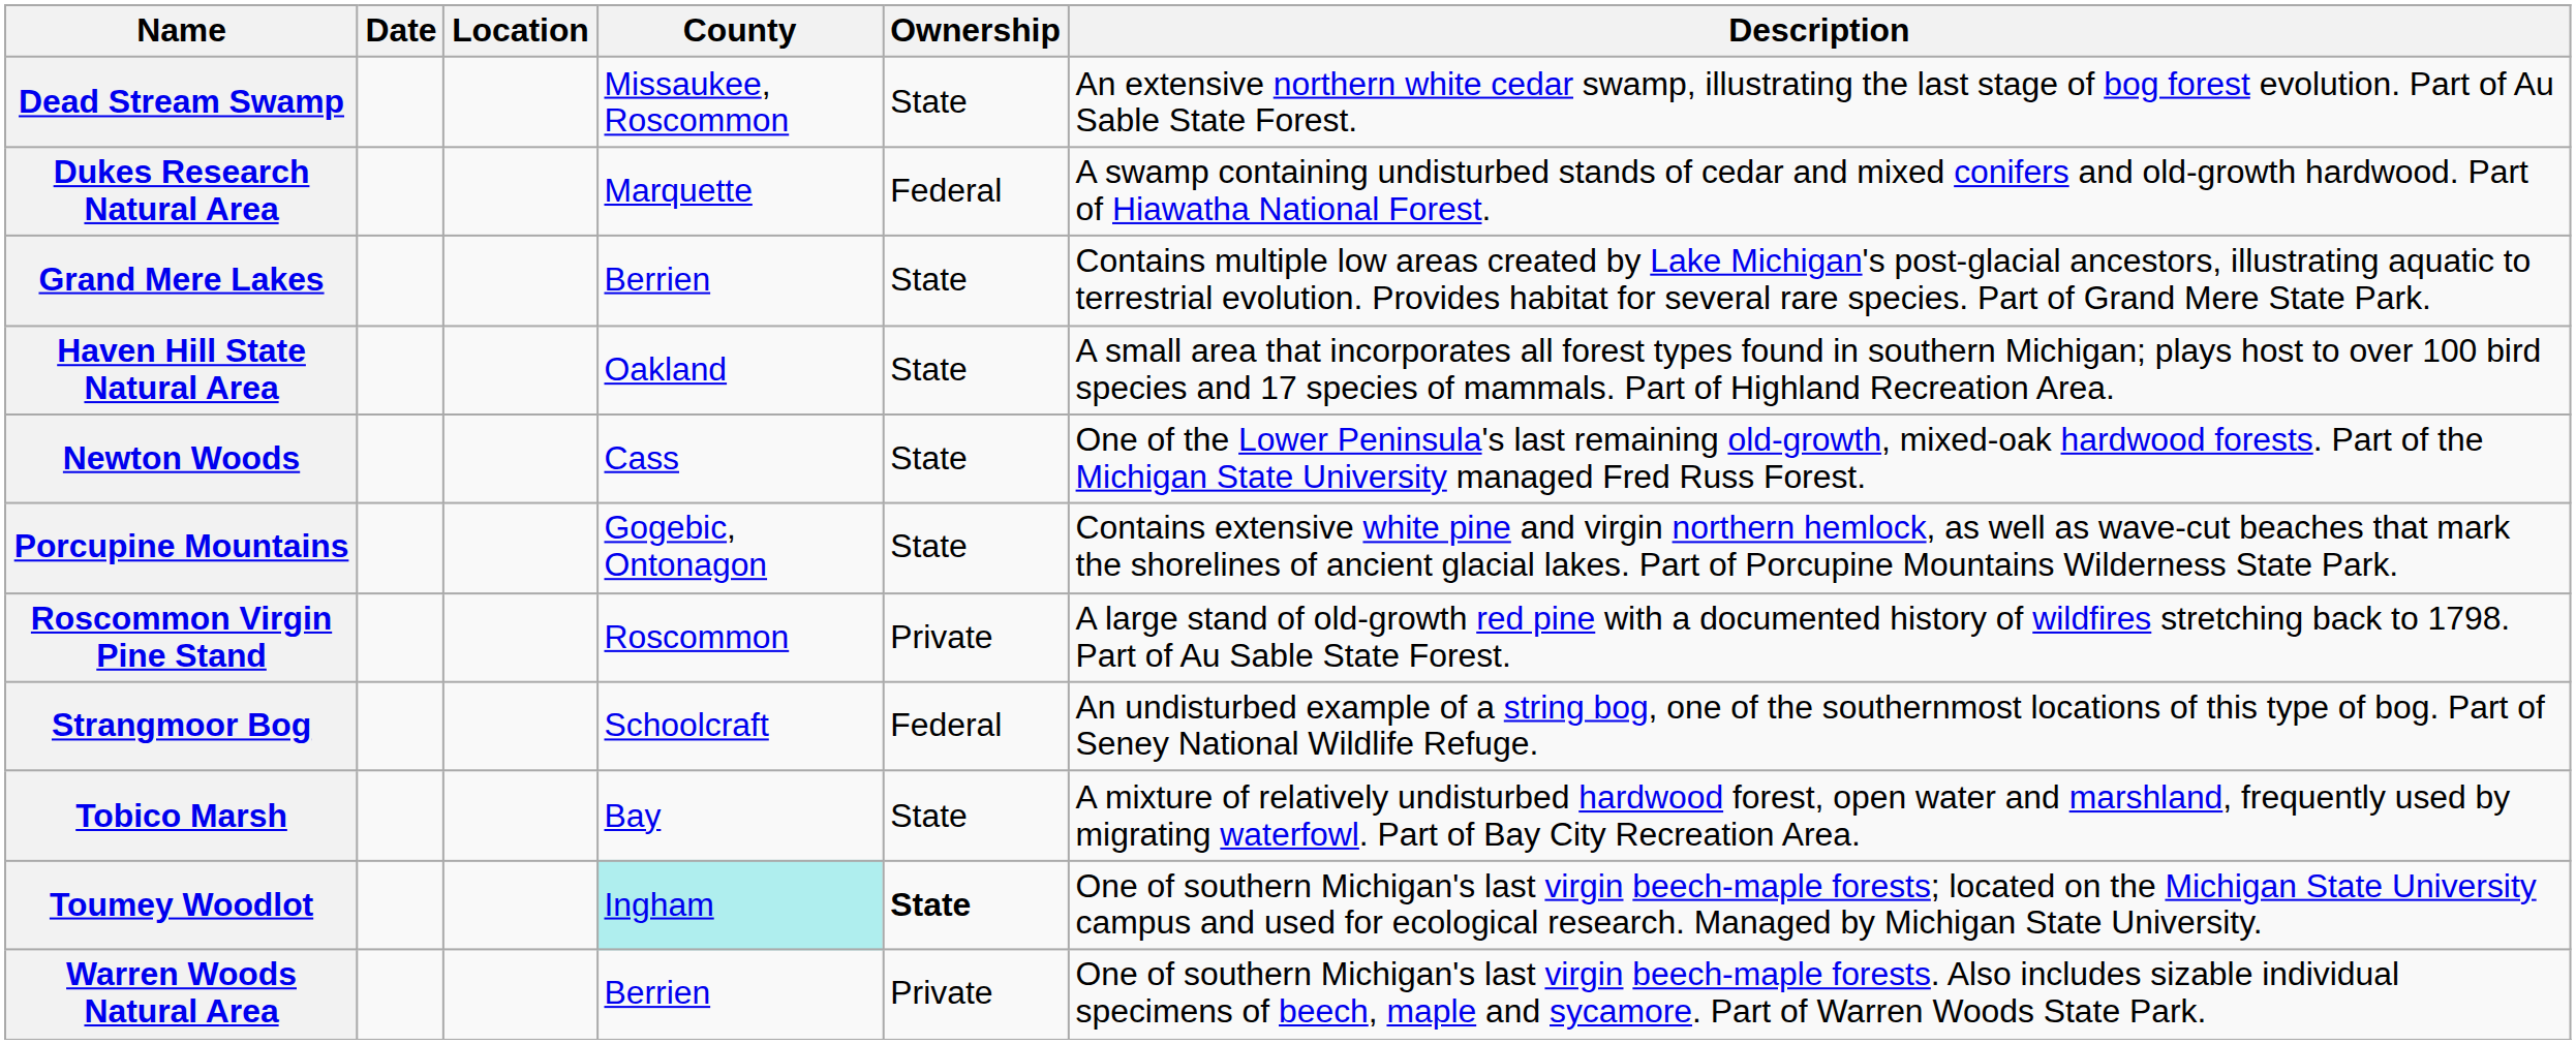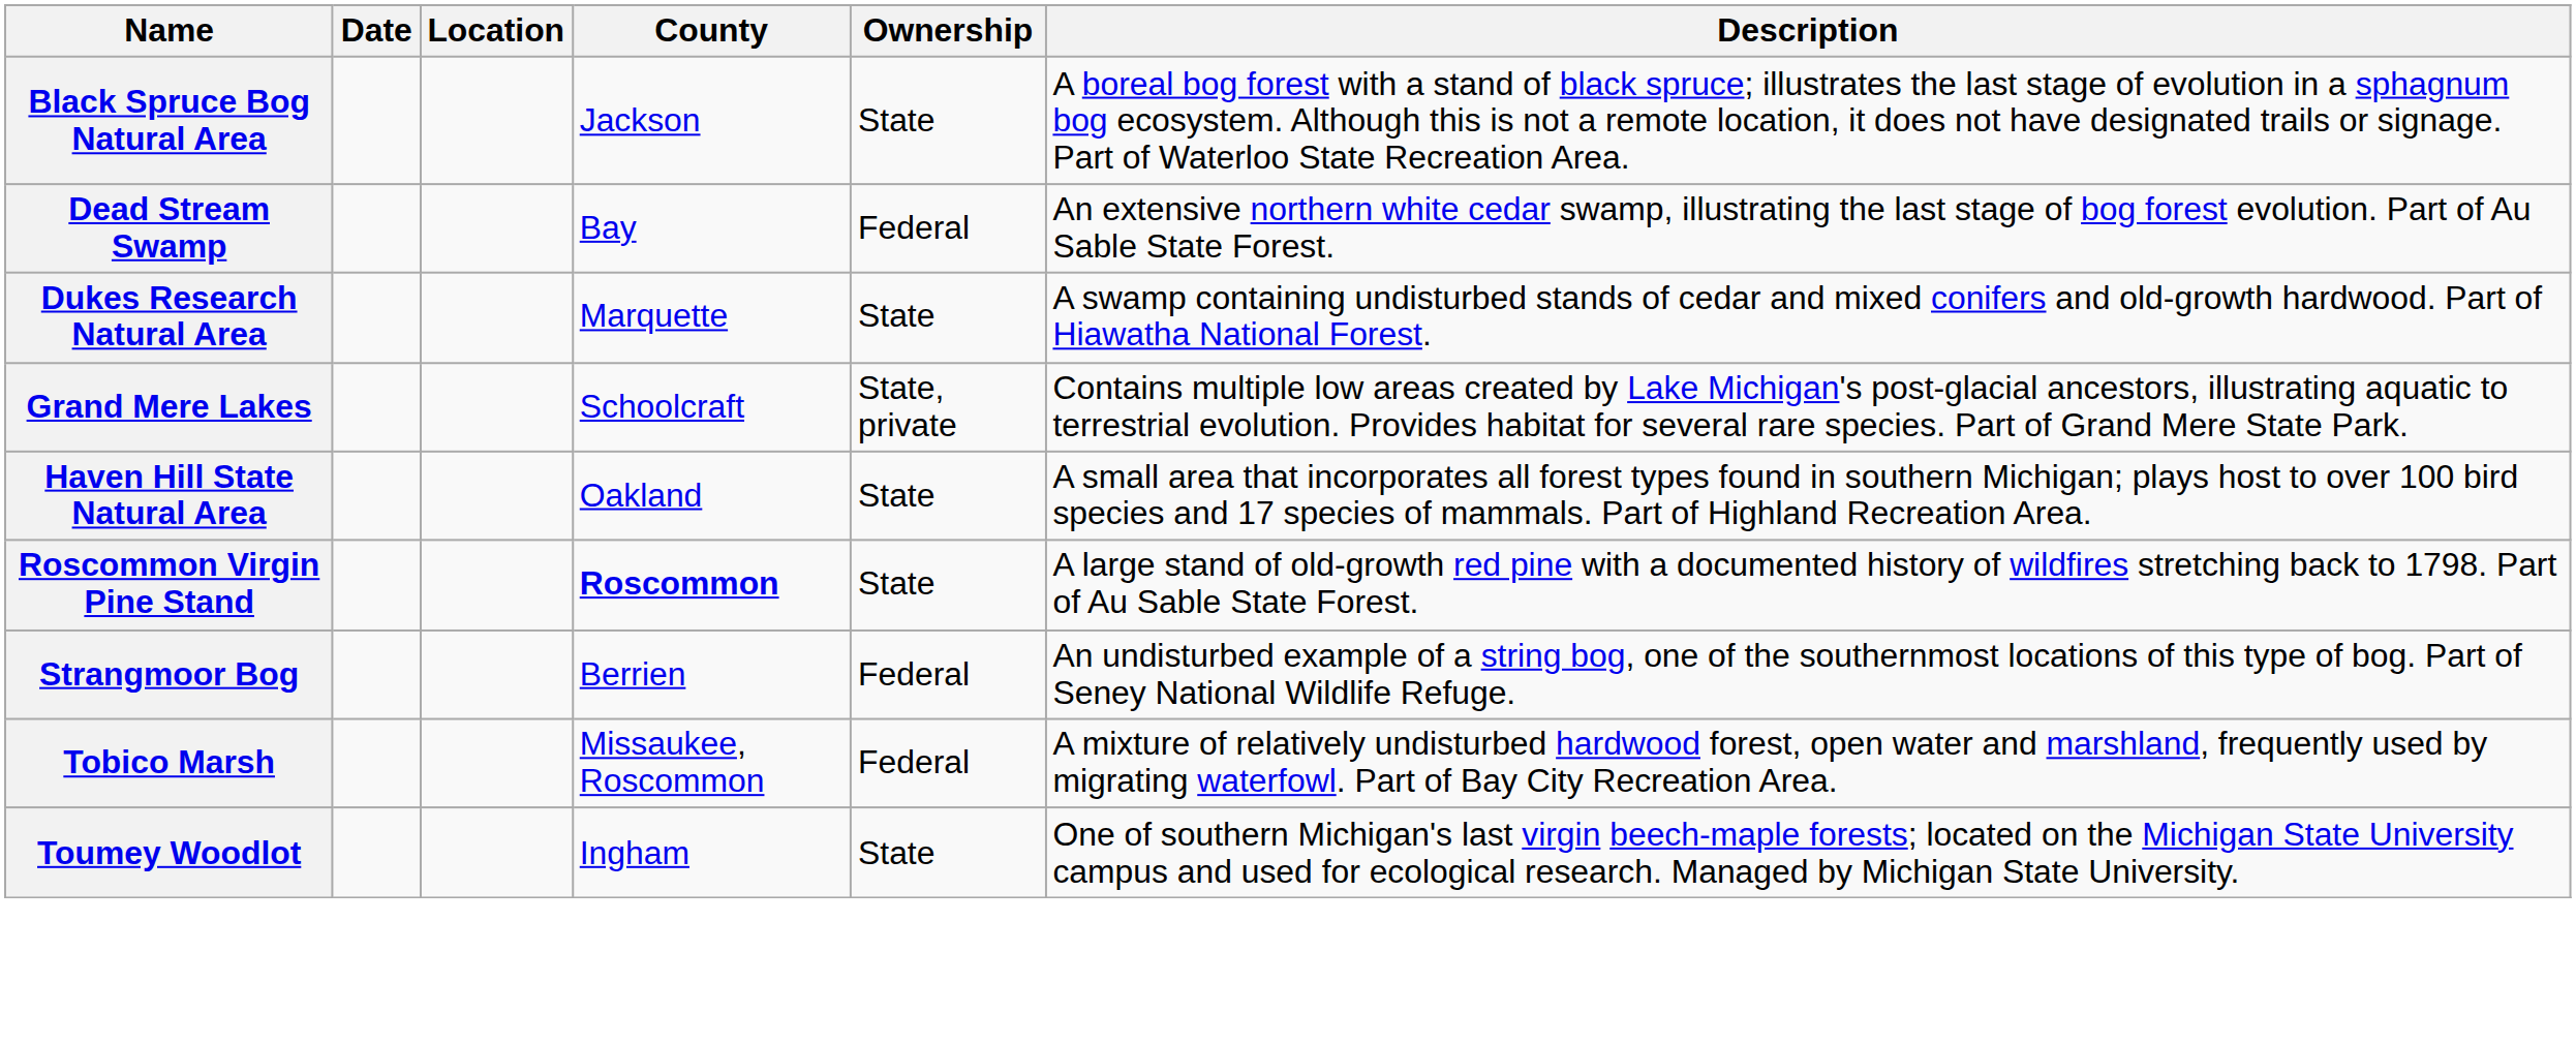 <table class="wikitable sortable plainrowheaders" align="center">
 <tr>
 <th scope="col" style="background-color:"><strong>Name</strong></th>
 <th scope="col" style="background-color:"><strong>Date</strong></th>
 <th scope="col" style="background-color:"><strong>Location</strong></th>
 <th scope="col" style="background-color:"><strong>County</strong></th>
 <th scope="col" style="background-color:"><strong>Ownership</strong></th>
 <th scope="col" style="background-color:"><strong>Description</strong></th>
 </tr>
 <tr>
+<th scope="row"><a href='#'>Black Spruce Bog Natural Area</a></th>
+<td></td>
+<td></td>
+<td><a href='#'>Jackson</a></td>
+<td>State</td>
+<td>A <a href='#'>boreal bog forest</a> with a stand of <a href='#'>black spruce</a>; illustrates the last stage of evolution in a <a href='#'>sphagnum bog</a> ecosystem.  Although this is not a remote location, it does not have designated trails or signage. Part of Waterloo State Recreation Area.</td>
+</tr>
+<tr>
 <th scope="row"><a href='#'>Dead Stream Swamp</a></th>
 <td></td>
 <td></td>
-<td><a href='#'>Missaukee</a>, <a href='#'>Roscommon</a></td>
-<td>State</td>
+<td><a href='#'>Bay</a></td>
+<td>Federal</td>
 <td>An extensive <a href='#'>northern white cedar</a> swamp, illustrating the last stage of <a href='#'>bog forest</a> evolution. Part of Au Sable State Forest.</td>
 </tr>
 <tr>
 <th scope="row"><a href='#'>Dukes Research Natural Area</a></th>
 <td></td>
 <td></td>
 <td><a href='#'>Marquette</a></td>
-<td>Federal</td>
+<td>State</td>
 <td>A swamp containing undisturbed stands of cedar and mixed <a href='#'>conifers</a> and old-growth hardwood. Part of <a href='#'>Hiawatha National Forest</a>.</td>
 </tr>
 <tr>
 <th scope="row"><a href='#'>Grand Mere Lakes</a></th>
 <td></td>
 <td></td>
-<td><a href='#'>Berrien</a></td>
-<td>State</td>
+<td><a href='#'>Schoolcraft</a></td>
+<td>State, private</td>
 <td>Contains multiple low areas created by <a href='#'>Lake Michigan</a>'s post-glacial ancestors, illustrating aquatic to terrestrial evolution. Provides habitat for several rare species. Part of Grand Mere State Park.</td>
 </tr>
 <tr>
 <th scope="row"><a href='#'>Haven Hill State Natural Area</a></th>
 <td></td>
 <td></td>
 <td><a href='#'>Oakland</a></td>
 <td>State</td>
 <td>A small area that incorporates all forest types found in southern Michigan; plays host to over 100 bird species and 17 species of mammals. Part of Highland Recreation Area.</td>
 </tr>
 <tr>
-<th scope="row"><a href='#'>Newton Woods</a></th>
-<td></td>
-<td></td>
-<td><a href='#'>Cass</a></td>
-<td>State</td>
-<td>One of the <a href='#'>Lower Peninsula</a>'s last remaining <a href='#'>old-growth</a>, mixed-oak <a href='#'>hardwood forests</a>. Part of the <a href='#'>Michigan State University</a> managed Fred Russ Forest.</td>
-</tr>
-<tr>
-<th scope="row"><a href='#'>Porcupine Mountains</a></th>
-<td></td>
-<td></td>
-<td><a href='#'>Gogebic</a>, <a href='#'>Ontonagon</a></td>
-<td>State</td>
-<td>Contains extensive <a href='#'>white pine</a> and virgin <a href='#'>northern hemlock</a>, as well as wave-cut beaches that mark the shorelines of ancient glacial lakes. Part of Porcupine Mountains Wilderness State Park.</td>
-</tr>
-<tr>
 <th scope="row"><a href='#'>Roscommon Virgin Pine Stand</a></th>
 <td></td>
 <td></td>
-<td><a href='#'>Roscommon</a></td>
-<td>Private</td>
+<td><strong><a href='#'>Roscommon</a></strong></td>
+<td>State</td>
 <td>A large stand of old-growth <a href='#'>red pine</a> with a documented history of <a href='#'>wildfires</a> stretching back to 1798. Part of Au Sable State Forest.</td>
 </tr>
 <tr>
 <th scope="row"><a href='#'>Strangmoor Bog</a></th>
 <td></td>
 <td></td>
-<td><a href='#'>Schoolcraft</a></td>
+<td><a href='#'>Berrien</a></td>
 <td>Federal</td>
 <td>An undisturbed example of a <a href='#'>string bog</a>, one of the southernmost locations of this type of bog. Part of Seney National Wildlife Refuge.</td>
 </tr>
 <tr>
 <th scope="row"><a href='#'>Tobico Marsh</a></th>
 <td></td>
 <td></td>
-<td><a href='#'>Bay</a></td>
-<td>State</td>
+<td><a href='#'>Missaukee</a>, <a href='#'>Roscommon</a></td>
+<td>Federal</td>
 <td>A mixture of relatively undisturbed <a href='#'>hardwood</a> forest, open water and <a href='#'>marshland</a>, frequently used by migrating <a href='#'>waterfowl</a>. Part of Bay City Recreation Area.</td>
 </tr>
 <tr>
 <th scope="row"><a href='#'>Toumey Woodlot</a></th>
 <td></td>
 <td></td>
-<td style="background: paleturquoise;"><a href='#'>Ingham</a></td>
-<td><strong>State</strong></td>
+<td><a href='#'>Ingham</a></td>
+<td>State</td>
 <td>One of southern Michigan's last <a href='#'>virgin</a> <a href='#'>beech-maple forests</a>; located on the <a href='#'>Michigan State University</a> campus and used for ecological research. Managed by Michigan State University.</td>
-</tr>
-<tr>
-<th scope="row"><a href='#'>Warren Woods Natural Area</a></th>
-<td></td>
-<td></td>
-<td><a href='#'>Berrien</a></td>
-<td>Private</td>
-<td>One of southern Michigan's last <a href='#'>virgin</a> <a href='#'>beech-maple forests</a>. Also includes sizable individual specimens of <a href='#'>beech</a>, <a href='#'>maple</a> and <a href='#'>sycamore</a>. Part of Warren Woods State Park.</td>
 </tr>
 <tr>
 </tr>
 </table>
